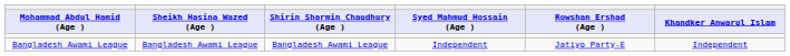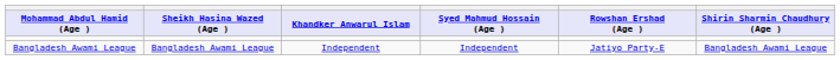 <table class=wikitable style="margin:1em auto; font-size:90%; text-align:center;">
 <tr>
 <th style="font-size:135%; width:175px; background:"><a href='#'></a></th>
 <th style="font-size:135%; width:175px; background:"><a href='#'></a></th>
 <th style="font-size:135%; width:175px; background:"><a href='#'></a></th>
 <th style="font-size:135%; width:175px; background:"><a href='#'></a></th>
 <th style="font-size:135%; width:175px; background:"><a href='#'></a></th>
 <th style="font-size:135%; width:175px; background:"><a href='#'></a></th>
 </tr>
 <tr>
 <th style="background:lavender;"><strong><a href='#'>Mohammad Abdul Hamid</a></strong><br>(Age )</th>
 <th style="background:lavender;"><strong><a href='#'>Sheikh Hasina Wazed</a></strong><br>(Age )</th>
-<th style="background:lavender;"><strong><a href='#'>Shirin Sharmin Chaudhury</a></strong><br>(Age )</th>
+<th style="background:lavender;"><strong><a href='#'>Khandker Anwarul Islam</a></strong><br></th>
 <th style="background:lavender;"><strong><a href='#'>Syed Mahmud Hossain</a></strong><br>(Age )</th>
 <th style="background:lavender;"><strong><a href='#'>Rowshan Ershad</a></strong><br>(Age )</th>
-<th style="background:lavender;"><strong><a href='#'>Khandker Anwarul Islam</a></strong><br></th>
+<th style="background:lavender;"><strong><a href='#'>Shirin Sharmin Chaudhury</a></strong><br>(Age )</th>
 </tr>
 <tr>
 <td></td>
 <td></td>
 <td></td>
 <td></td>
 <td></td>
 <td></td>
 </tr>
 <tr>
 <td><a href='#'>Bangladesh Awami League</a><br></td>
 <td><a href='#'>Bangladesh Awami League</a><br></td>
-<td><a href='#'>Bangladesh Awami League</a><br></td>
+<td><a href='#'>Independent</a><br></td>
 <td><a href='#'>Independent</a><br></td>
 <td><a href='#'>Jatiyo Party-E</a><br></td>
-<td><a href='#'>Independent</a><br></td>
+<td><a href='#'>Bangladesh Awami League</a><br></td>
 </tr>
 </table>
